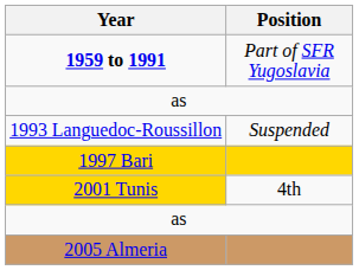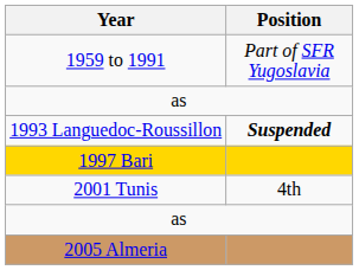 <table class="wikitable" style="text-align: center;">
 <tr>
 <th>Year</th>
 <th width="100">Position</th>
 </tr>
 <tr>
-<td style="text-align: middle; "><strong><a href='#'>1959</a> to <a href='#'>1991</a></strong></td>
+<td style="text-align: middle; "><a href='#'>1959</a> to <a href='#'>1991</a></td>
 <td colspan=4><em>Part of <a href='#'>SFR Yugoslavia</a></em></td>
 </tr>
 <tr>
 <td colspan=2>as <strong></strong></td>
 </tr>
 <tr>
 <td> <a href='#'>1993 Languedoc-Roussillon</a></td>
-<td><em>Suspended</em></td>
+<td><strong><em>Suspended</em></strong></td>
 </tr>
 <tr bgcolor=gold>
 <td> <a href='#'>1997 Bari</a></td>
 <td></td>
 </tr>
 <tr>
-<td style="background: gold;"> <a href='#'>2001 Tunis</a></td>
+<td> <a href='#'>2001 Tunis</a></td>
 <td>4th</td>
 </tr>
 <tr>
 <td colspan=2>as <strong></strong></td>
 </tr>
 <tr bgcolor=cc9966>
 <td> <a href='#'>2005 Almeria</a></td>
 <td></td>
 </tr>
 </table>
